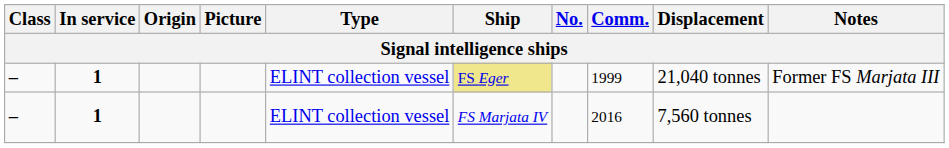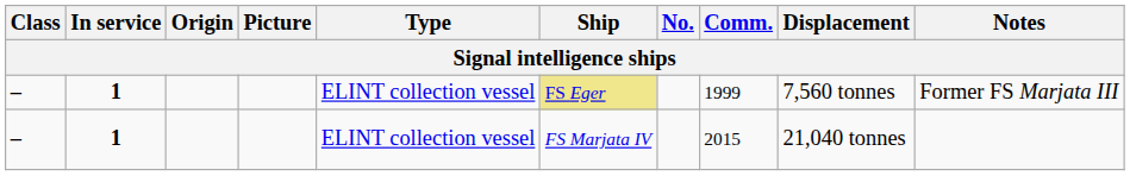 <table class="wikitable">
 <tr>
 <th>Class</th>
 <th>In service</th>
 <th>Origin</th>
 <th>Picture</th>
 <th>Type</th>
 <th>Ship</th>
 <th><a href='#'>No.</a></th>
 <th><a href='#'>Comm.</a></th>
 <th>Displacement</th>
 <th>Notes</th>
 </tr>
 <tr>
 <th colspan="10">Signal intelligence ships</th>
 </tr>
 <tr>
 <td><strong>–</strong></td>
 <td style="text-align: center;"><strong>1</strong></td>
 <td></td>
 <td></td>
 <td><a href='#'>ELINT collection vessel</a></td>
 <td style="background: khaki;"><a href='#'><small>FS <em>Eger</em></small></a></td>
 <td></td>
 <td><small>1999</small></td>
-<td>21,040 tonnes</td>
+<td>7,560 tonnes</td>
 <td>Former FS <em>Marjata III</em></td>
 </tr>
 <tr>
 <td><strong>–</strong></td>
 <td style="text-align: center;"><strong>1</strong></td>
 <td><br><br></td>
 <td></td>
 <td><a href='#'>ELINT collection vessel</a></td>
 <td><a href='#'><em><small>FS Marjata IV</small></em></a></td>
 <td></td>
-<td><small>2016</small></td>
-<td>7,560 tonnes</td>
+<td><small>2015</small></td>
+<td>21,040 tonnes</td>
 <td></td>
 </tr>
 </table>
